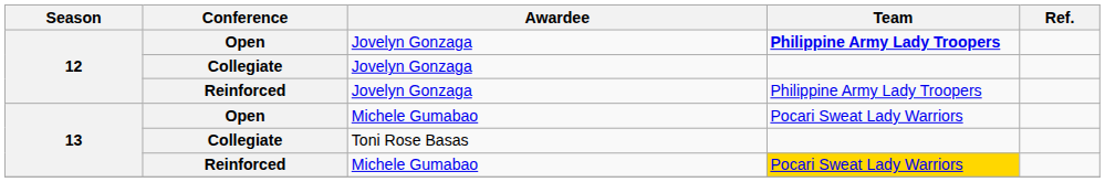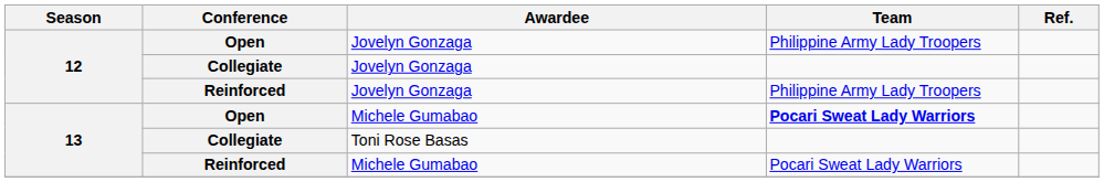 <table class="wikitable" style="font-size:90%; width:80%;">
 <tr>
 <th width="50">Season</th>
 <th width="80">Conference</th>
 <th width="170">Awardee</th>
 <th width="100">Team</th>
 <th width="20">Ref.</th>
 </tr>
 <tr>
 <th rowspan="3">12</th>
 <th>Open</th>
 <td> <a href='#'>Jovelyn Gonzaga</a></td>
-<td><strong> <a href='#'>Philippine Army Lady Troopers</a></strong></td>
+<td> <a href='#'>Philippine Army Lady Troopers</a></td>
 <td></td>
 </tr>
 <tr>
 <th>Collegiate</th>
 <td> <a href='#'>Jovelyn Gonzaga</a></td>
 <td></td>
 <td></td>
 </tr>
 <tr>
 <th>Reinforced</th>
 <td> <a href='#'>Jovelyn Gonzaga</a></td>
 <td> <a href='#'>Philippine Army Lady Troopers</a></td>
 <td></td>
 </tr>
 <tr>
 <th rowspan="3">13</th>
 <th>Open</th>
 <td> <a href='#'>Michele Gumabao</a></td>
-<td> <a href='#'>Pocari Sweat Lady Warriors</a></td>
+<td><strong> <a href='#'>Pocari Sweat Lady Warriors</a></strong></td>
 <td></td>
 </tr>
 <tr>
 <th>Collegiate</th>
 <td> Toni Rose Basas</td>
 <td></td>
 <td></td>
 </tr>
 <tr>
 <th>Reinforced</th>
 <td> <a href='#'>Michele Gumabao</a></td>
-<td style="background: gold;"> <a href='#'>Pocari Sweat Lady Warriors</a></td>
+<td> <a href='#'>Pocari Sweat Lady Warriors</a></td>
 <td></td>
 </tr>
 <tr>
 </tr>
 </table>
